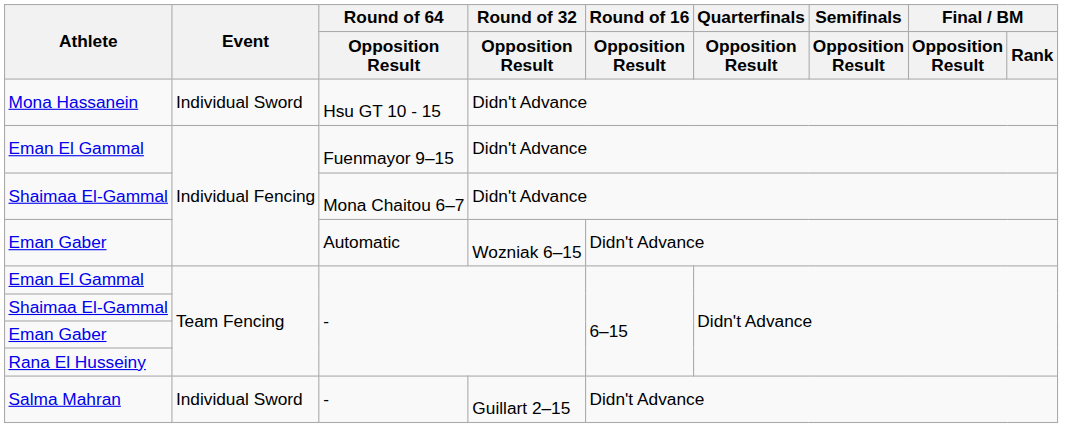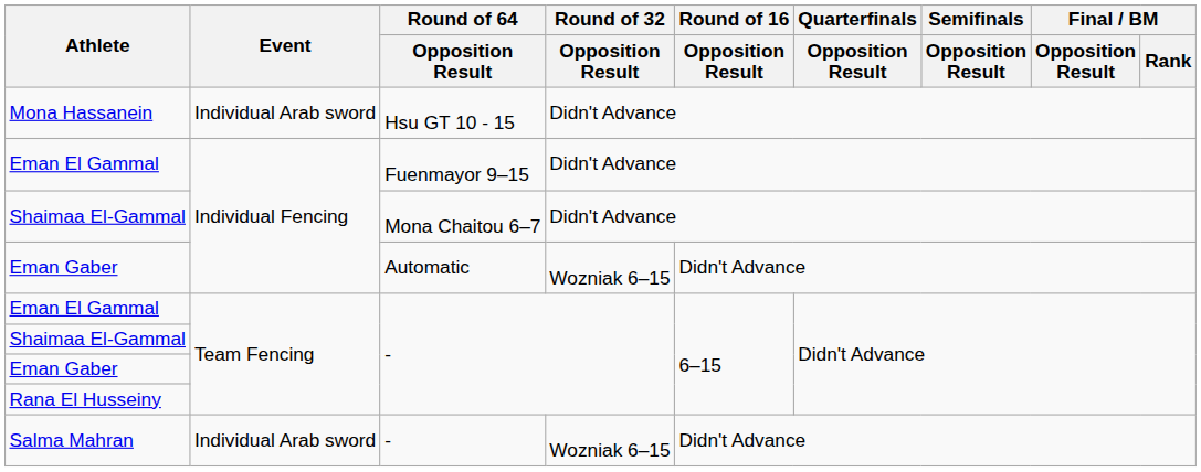 <table class="wikitable">
 <tr>
 <th rowspan="2">Athlete</th>
 <th rowspan="2">Event</th>
 <th>Round of 64</th>
 <th>Round of 32</th>
 <th>Round of 16</th>
 <th>Quarterfinals</th>
 <th>Semifinals</th>
 <th colspan="2">Final / <abbr>BM</abbr></th>
 </tr>
 <tr>
 <th>Opposition<br>Result</th>
 <th>Opposition<br>Result</th>
 <th>Opposition<br>Result</th>
 <th>Opposition<br>Result</th>
 <th>Opposition<br>Result</th>
 <th>Opposition<br>Result</th>
 <th>Rank</th>
 </tr>
 <tr>
 <td><a href='#'>Mona Hassanein</a></td>
-<td>Individual Sword</td>
+<td>Individual Arab sword</td>
 <td><br>Hsu GT 10 - 15</td>
 <td colspan="6">Didn't Advance</td>
 </tr>
 <tr>
 <td><a href='#'>Eman El Gammal</a></td>
 <td rowspan="3">Individual Fencing</td>
 <td><br>Fuenmayor 9–15</td>
 <td colspan="6">Didn't Advance</td>
 </tr>
 <tr>
 <td><a href='#'>Shaimaa El-Gammal</a></td>
 <td><br>Mona Chaitou 6–7</td>
 <td colspan="6">Didn't Advance</td>
 </tr>
 <tr>
 <td><a href='#'>Eman Gaber</a></td>
 <td>Automatic</td>
 <td><br>Wozniak 6–15</td>
 <td colspan="5">Didn't Advance</td>
 </tr>
 <tr>
 <td><a href='#'>Eman El Gammal</a></td>
 <td rowspan="4">Team Fencing</td>
 <td colspan="2" rowspan="4">-</td>
 <td rowspan="4"><br>6–15</td>
 <td colspan="4" rowspan="4">Didn't Advance</td>
 </tr>
 <tr>
 <td><a href='#'>Shaimaa El-Gammal</a></td>
 </tr>
 <tr>
 <td><a href='#'>Eman Gaber</a></td>
 </tr>
 <tr>
 <td><a href='#'>Rana El Husseiny</a></td>
 </tr>
 <tr>
 <td><a href='#'>Salma Mahran</a></td>
-<td>Individual Sword</td>
+<td>Individual Arab sword</td>
 <td>-</td>
-<td><br>Guillart 2–15</td>
+<td><br>Wozniak 6–15</td>
 <td colspan="5">Didn't Advance</td>
 </tr>
 </table>
